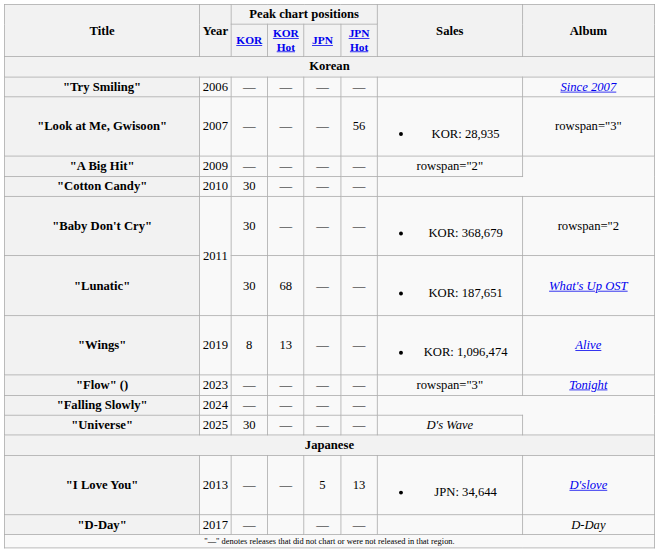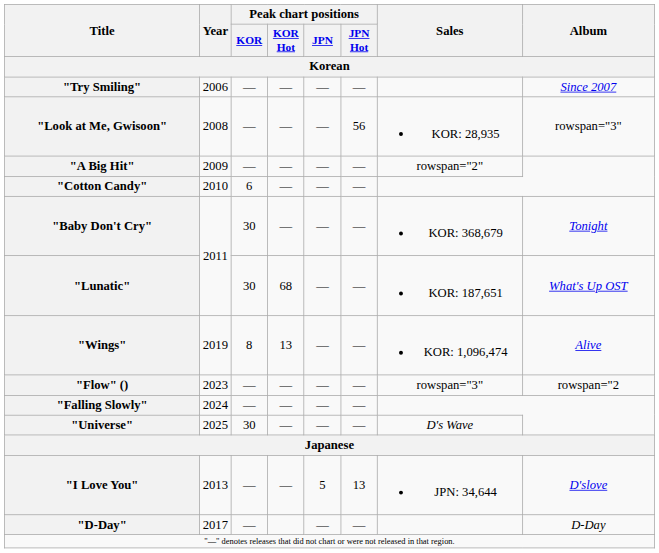 <table class="wikitable plainrowheaders" style="text-align:center;">
 <tr>
 <th scope="col" rowspan="2" style="width:15em;">Title</th>
 <th scope="col" rowspan="2" style="width:2em;">Year</th>
 <th scope="col" colspan="4">Peak chart positions</th>
 <th scope="col" rowspan="2" style="width:11em;">Sales</th>
 <th scope="col" rowspan="2" style="width:10em;">Album</th>
 </tr>
 <tr>
 <th style="width:2.75em;font-size:90%"><a href='#'>KOR</a><br></th>
 <th style="width:2.75em;font-size:90%"><a href='#'>KOR<br>Hot</a><br></th>
 <th style="width:2.75em;font-size:90%"><a href='#'>JPN</a><br></th>
 <th style="width:2.75em;font-size:90%"><a href='#'>JPN<br>Hot</a><br></th>
 </tr>
 <tr>
 <th colspan="9">Korean</th>
 </tr>
 <tr>
 <th scope="row">"Try Smiling"</th>
 <td>2006</td>
 <td>—</td>
 <td>—</td>
 <td>—</td>
 <td>—</td>
 <td></td>
 <td><em><a href='#'>Since 2007</a></em></td>
 </tr>
 <tr>
 <th scope="row">"Look at Me, Gwisoon"</th>
-<td>2007</td>
+<td>2008</td>
 <td>—</td>
 <td>—</td>
 <td>—</td>
 <td>56</td>
 <td><br><ul><li>KOR: 28,935</li></ul></td>
 <td>rowspan="3" </td>
 </tr>
 <tr>
 <th scope="row">"A Big Hit"</th>
 <td>2009</td>
 <td>—</td>
 <td>—</td>
 <td>—</td>
 <td>—</td>
 <td>rowspan="2" </td>
 </tr>
 <tr>
 <th scope="row">"Cotton Candy"</th>
 <td>2010</td>
-<td>30</td>
+<td>6</td>
 <td>—</td>
 <td>—</td>
 <td>—</td>
 </tr>
 <tr>
 <th scope="row">"Baby Don't Cry"</th>
 <td rowspan="2">2011</td>
 <td>30</td>
 <td>—</td>
 <td>—</td>
 <td>—</td>
 <td><br><ul><li>KOR: 368,679</li></ul></td>
-<td>rowspan="2 </td>
+<td><em><a href='#'>Tonight</a></em></td>
 </tr>
 <tr>
 <th scope="row">"Lunatic"</th>
 <td>30</td>
 <td>68</td>
 <td>—</td>
 <td>—</td>
 <td><br><ul><li>KOR: 187,651</li></ul></td>
 <td><em><a href='#'>What's Up OST</a></em></td>
 </tr>
 <tr>
 <th scope="row">"Wings"</th>
 <td>2019</td>
 <td>8</td>
 <td>13</td>
 <td>—</td>
 <td>—</td>
 <td><br><ul><li>KOR: 1,096,474</li></ul></td>
 <td style="text-align:center;"><em><a href='#'>Alive</a></em></td>
 </tr>
 <tr>
 <th scope="row">"Flow" ()</th>
 <td>2023</td>
 <td>—</td>
 <td>—</td>
 <td>—</td>
 <td>—</td>
 <td>rowspan="3" </td>
-<td><em><a href='#'>Tonight</a></em></td>
+<td>rowspan="2 </td>
 </tr>
 <tr>
 <th scope="row">"Falling Slowly"</th>
 <td>2024</td>
 <td>—</td>
 <td>—</td>
 <td>—</td>
 <td>—</td>
 </tr>
 <tr>
 <th scope="row">"Universe"</th>
 <td>2025</td>
 <td>30</td>
 <td>—</td>
 <td>—</td>
 <td>—</td>
 <td><em>D's Wave</em></td>
 </tr>
 <tr>
 <th colspan="9">Japanese</th>
 </tr>
 <tr>
 <th scope="row">"I Love You"</th>
 <td>2013</td>
 <td>—</td>
 <td>—</td>
 <td>5</td>
 <td>13</td>
 <td><br><ul><li>JPN: 34,644</li></ul></td>
 <td><em><a href='#'>D'slove</a></em></td>
 </tr>
 <tr>
 <th scope="row">"D-Day"</th>
 <td>2017</td>
 <td>—</td>
 <td></td>
 <td>—</td>
 <td>—</td>
 <td></td>
 <td><em>D-Day</em></td>
 </tr>
 <tr>
 <td colspan="8" style="font-size:8pt;">"—" denotes releases that did not chart or were not released in that region.</td>
 </tr>
 </table>
